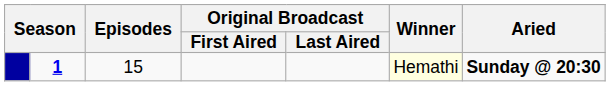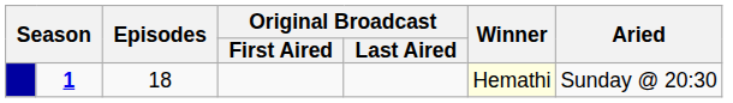 <table class="wikitable" style="text-align:center">
 <tr>
 <th style="padding: 0 8px" colspan="2" rowspan="2">Season</th>
 <th style="padding: 0 8px" rowspan="2">Episodes</th>
 <th colspan="2">Original Broadcast</th>
 <th rowspan="2">Winner</th>
 <th rowspan="2">Aried</th>
 </tr>
 <tr>
 <th style="padding: 0 8px">First Aired</th>
 <th style="padding: 0 8px">Last Aired</th>
 </tr>
 <tr>
 <td style="background:#0000A0"></td>
 <td align="center"><strong><a href='#'>1</a></strong></td>
-<td>15</td>
+<td>18</td>
 <td align="center"></td>
 <td></td>
 <td style="background: lightyellow;">Hemathi</td>
-<td rowspan="1"align="center"><strong>Sunday @ 20:30</strong></td>
+<td rowspan="1"align="center">Sunday @ 20:30</td>
 </tr>
 </table>
